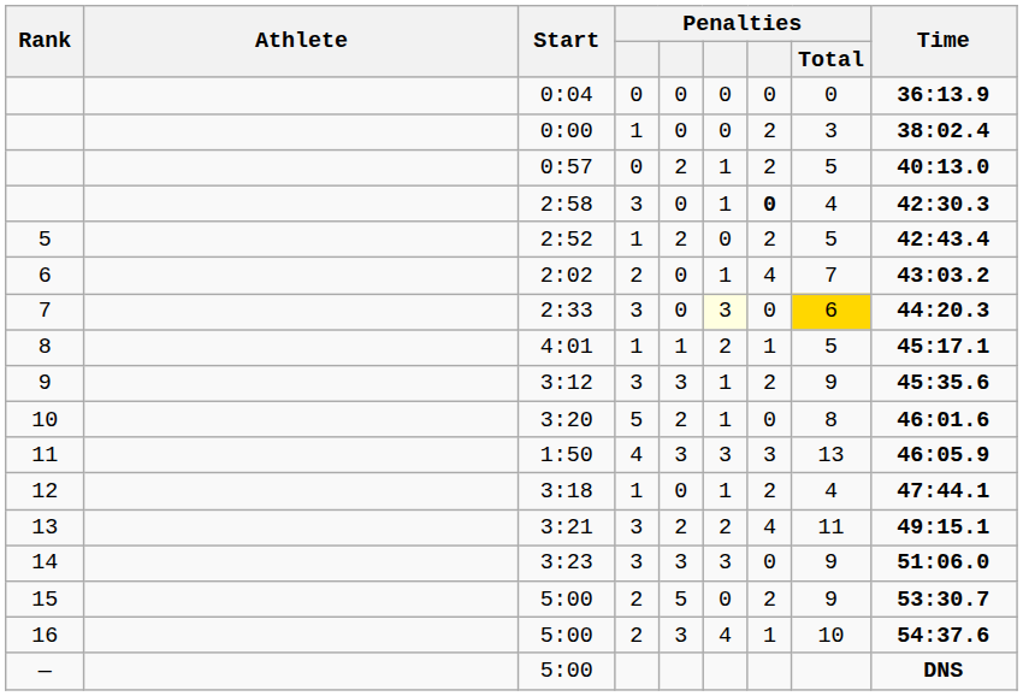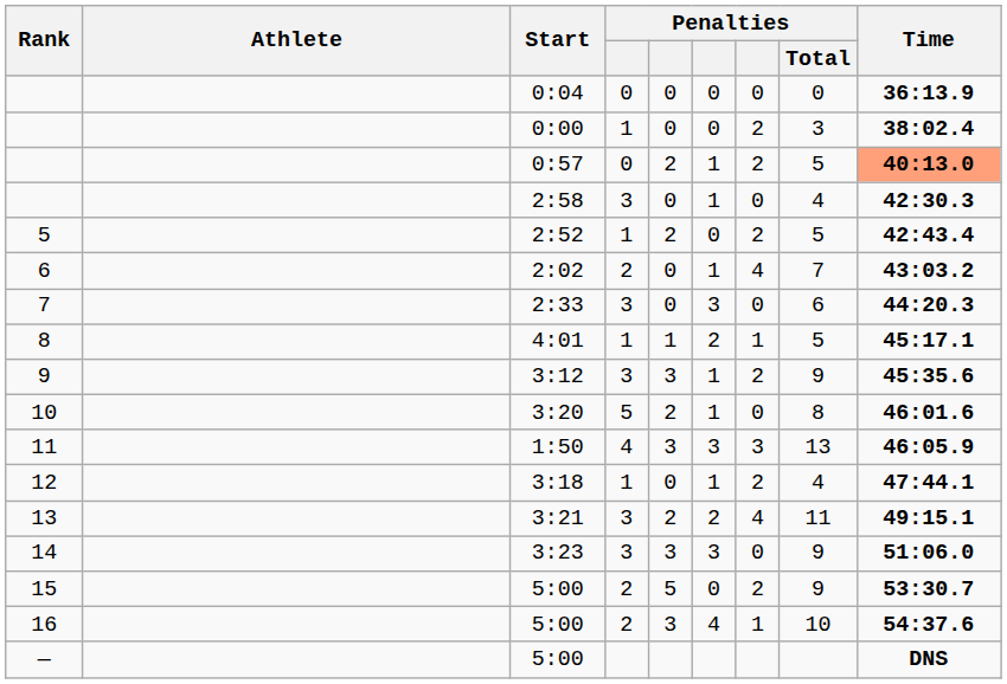 <table class=wikitable style="text-align:center">
 <tr>
 <th rowspan=2 width=40>Rank</th>
 <th rowspan=2 width=250>Athlete</th>
 <th rowspan=2 width=50>Start</th>
 <th colspan=5>Penalties</th>
 <th rowspan=2 width=80>Time</th>
 </tr>
 <tr>
 <th width=20></th>
 <th width=20></th>
 <th width=20></th>
 <th width=20></th>
 <th width=40>Total</th>
 </tr>
 <tr>
 <td></td>
 <td align=left></td>
 <td>0:04</td>
 <td>0</td>
 <td>0</td>
 <td>0</td>
 <td>0</td>
 <td>0</td>
 <td><strong>36:13.9</strong></td>
 </tr>
 <tr>
 <td></td>
 <td align=left></td>
 <td>0:00</td>
 <td>1</td>
 <td>0</td>
 <td>0</td>
 <td>2</td>
 <td>3</td>
 <td><strong>38:02.4</strong></td>
 </tr>
 <tr>
 <td></td>
 <td align=left></td>
 <td>0:57</td>
 <td>0</td>
 <td>2</td>
 <td>1</td>
 <td>2</td>
 <td>5</td>
-<td><strong>40:13.0</strong></td>
+<td style="background: lightsalmon;"><strong>40:13.0</strong></td>
 </tr>
 <tr>
 <td></td>
 <td align=left></td>
 <td>2:58</td>
 <td>3</td>
 <td>0</td>
 <td>1</td>
-<td><strong>0</strong></td>
+<td>0</td>
 <td>4</td>
 <td><strong>42:30.3</strong></td>
 </tr>
 <tr>
 <td>5</td>
 <td align=left></td>
 <td>2:52</td>
 <td>1</td>
 <td>2</td>
 <td>0</td>
 <td>2</td>
 <td>5</td>
 <td><strong>42:43.4</strong></td>
 </tr>
 <tr>
 <td>6</td>
 <td align=left></td>
 <td>2:02</td>
 <td>2</td>
 <td>0</td>
 <td>1</td>
 <td>4</td>
 <td>7</td>
 <td><strong>43:03.2</strong></td>
 </tr>
 <tr>
 <td>7</td>
 <td align=left></td>
 <td>2:33</td>
 <td>3</td>
 <td>0</td>
-<td style="background: lightyellow;">3</td>
+<td>3</td>
 <td>0</td>
-<td style="background: gold;">6</td>
+<td>6</td>
 <td><strong>44:20.3</strong></td>
 </tr>
 <tr>
 <td>8</td>
 <td align=left></td>
 <td>4:01</td>
 <td>1</td>
 <td>1</td>
 <td>2</td>
 <td>1</td>
 <td>5</td>
 <td><strong>45:17.1</strong></td>
 </tr>
 <tr>
 <td>9</td>
 <td align=left></td>
 <td>3:12</td>
 <td>3</td>
 <td>3</td>
 <td>1</td>
 <td>2</td>
 <td>9</td>
 <td><strong>45:35.6</strong></td>
 </tr>
 <tr>
 <td>10</td>
 <td align=left></td>
 <td>3:20</td>
 <td>5</td>
 <td>2</td>
 <td>1</td>
 <td>0</td>
 <td>8</td>
 <td><strong>46:01.6</strong></td>
 </tr>
 <tr>
 <td>11</td>
 <td align=left></td>
 <td>1:50</td>
 <td>4</td>
 <td>3</td>
 <td>3</td>
 <td>3</td>
 <td>13</td>
 <td><strong>46:05.9</strong></td>
 </tr>
 <tr>
 <td>12</td>
 <td align=left></td>
 <td>3:18</td>
 <td>1</td>
 <td>0</td>
 <td>1</td>
 <td>2</td>
 <td>4</td>
 <td><strong>47:44.1</strong></td>
 </tr>
 <tr>
 <td>13</td>
 <td align=left></td>
 <td>3:21</td>
 <td>3</td>
 <td>2</td>
 <td>2</td>
 <td>4</td>
 <td>11</td>
 <td><strong>49:15.1</strong></td>
 </tr>
 <tr>
 <td>14</td>
 <td align=left></td>
 <td>3:23</td>
 <td>3</td>
 <td>3</td>
 <td>3</td>
 <td>0</td>
 <td>9</td>
 <td><strong>51:06.0</strong></td>
 </tr>
 <tr>
 <td>15</td>
 <td align=left></td>
 <td>5:00</td>
 <td>2</td>
 <td>5</td>
 <td>0</td>
 <td>2</td>
 <td>9</td>
 <td><strong>53:30.7</strong></td>
 </tr>
 <tr>
 <td>16</td>
 <td align=left></td>
 <td>5:00</td>
 <td>2</td>
 <td>3</td>
 <td>4</td>
 <td>1</td>
 <td>10</td>
 <td><strong>54:37.6</strong></td>
 </tr>
 <tr>
 <td>—</td>
 <td align=left></td>
 <td>5:00</td>
 <td></td>
 <td></td>
 <td></td>
 <td></td>
 <td></td>
 <td><strong>DNS</strong></td>
 </tr>
 </table>
